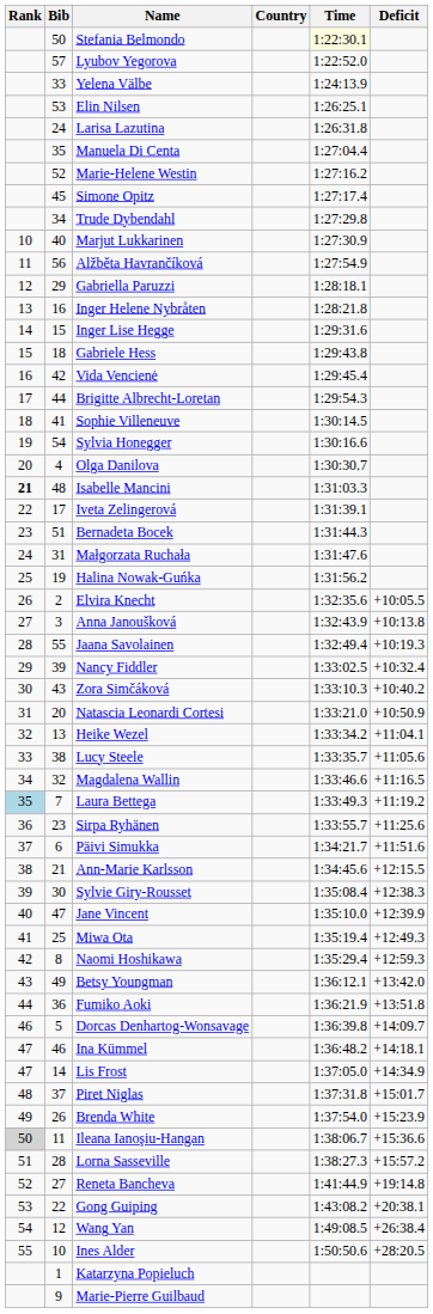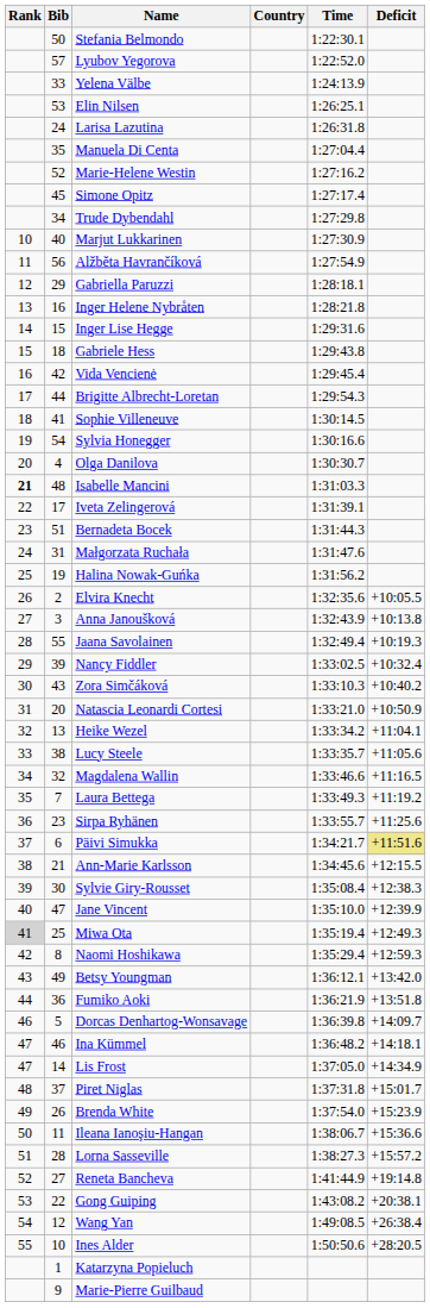 <table class="wikitable sortable" style="text-align:center">
 <tr>
 <th>Rank</th>
 <th>Bib</th>
 <th>Name</th>
 <th>Country</th>
 <th>Time</th>
 <th>Deficit</th>
 </tr>
 <tr>
 <td></td>
 <td>50</td>
 <td align="left"><a href='#'>Stefania Belmondo</a></td>
 <td align="left"></td>
-<td style="background: lightyellow;">1:22:30.1</td>
+<td>1:22:30.1</td>
 <td></td>
 </tr>
 <tr>
 <td></td>
 <td>57</td>
 <td align="left"><a href='#'>Lyubov Yegorova</a></td>
 <td align="left"></td>
 <td>1:22:52.0</td>
 <td align=right></td>
 </tr>
 <tr>
 <td></td>
 <td>33</td>
 <td align="left"><a href='#'>Yelena Välbe</a></td>
 <td align="left"></td>
 <td>1:24:13.9</td>
 <td align=right></td>
 </tr>
 <tr>
 <td></td>
 <td>53</td>
 <td align="left"><a href='#'>Elin Nilsen</a></td>
 <td align="left"></td>
 <td>1:26:25.1</td>
 <td align=right></td>
 </tr>
 <tr>
 <td></td>
 <td>24</td>
 <td align="left"><a href='#'>Larisa Lazutina</a></td>
 <td align="left"></td>
 <td>1:26:31.8</td>
 <td align=right></td>
 </tr>
 <tr>
 <td></td>
 <td>35</td>
 <td align="left"><a href='#'>Manuela Di Centa</a></td>
 <td align="left"></td>
 <td>1:27:04.4</td>
 <td align=right></td>
 </tr>
 <tr>
 <td></td>
 <td>52</td>
 <td align="left"><a href='#'>Marie-Helene Westin</a></td>
 <td align="left"></td>
 <td>1:27:16.2</td>
 <td align=right></td>
 </tr>
 <tr>
 <td></td>
 <td>45</td>
 <td align="left"><a href='#'>Simone Opitz</a></td>
 <td align="left"></td>
 <td>1:27:17.4</td>
 <td align=right></td>
 </tr>
 <tr>
 <td></td>
 <td>34</td>
 <td align="left"><a href='#'>Trude Dybendahl</a></td>
 <td align="left"></td>
 <td>1:27:29.8</td>
 <td align=right></td>
 </tr>
 <tr>
 <td>10</td>
 <td>40</td>
 <td align="left"><a href='#'>Marjut Lukkarinen</a></td>
 <td align="left"></td>
 <td>1:27:30.9</td>
 <td align=right></td>
 </tr>
 <tr>
 <td>11</td>
 <td>56</td>
 <td align="left"><a href='#'>Alžběta Havrančíková</a></td>
 <td align="left"></td>
 <td>1:27:54.9</td>
 <td align=right></td>
 </tr>
 <tr>
 <td>12</td>
 <td>29</td>
 <td align="left"><a href='#'>Gabriella Paruzzi</a></td>
 <td align="left"></td>
 <td>1:28:18.1</td>
 <td align=right></td>
 </tr>
 <tr>
 <td>13</td>
 <td>16</td>
 <td align="left"><a href='#'>Inger Helene Nybråten</a></td>
 <td align="left"></td>
 <td>1:28:21.8</td>
 <td align=right></td>
 </tr>
 <tr>
 <td>14</td>
 <td>15</td>
 <td align="left"><a href='#'>Inger Lise Hegge</a></td>
 <td align="left"></td>
 <td>1:29:31.6</td>
 <td align=right></td>
 </tr>
 <tr>
 <td>15</td>
 <td>18</td>
 <td align="left"><a href='#'>Gabriele Hess</a></td>
 <td align="left"></td>
 <td>1:29:43.8</td>
 <td align=right></td>
 </tr>
 <tr>
 <td>16</td>
 <td>42</td>
 <td align="left"><a href='#'>Vida Vencienė</a></td>
 <td align="left"></td>
 <td>1:29:45.4</td>
 <td align=right></td>
 </tr>
 <tr>
 <td>17</td>
 <td>44</td>
 <td align="left"><a href='#'>Brigitte Albrecht-Loretan</a></td>
 <td align="left"></td>
 <td>1:29:54.3</td>
 <td align=right></td>
 </tr>
 <tr>
 <td>18</td>
 <td>41</td>
 <td align="left"><a href='#'>Sophie Villeneuve</a></td>
 <td align="left"></td>
 <td>1:30:14.5</td>
 <td align=right></td>
 </tr>
 <tr>
 <td>19</td>
 <td>54</td>
 <td align="left"><a href='#'>Sylvia Honegger</a></td>
 <td align="left"></td>
 <td>1:30:16.6</td>
 <td align=right></td>
 </tr>
 <tr>
 <td>20</td>
 <td>4</td>
 <td align="left"><a href='#'>Olga Danilova</a></td>
 <td align="left"></td>
 <td>1:30:30.7</td>
 <td align=right></td>
 </tr>
 <tr>
 <td><strong>21</strong></td>
 <td>48</td>
 <td align="left"><a href='#'>Isabelle Mancini</a></td>
 <td align="left"></td>
 <td>1:31:03.3</td>
 <td align=right></td>
 </tr>
 <tr>
 <td>22</td>
 <td>17</td>
 <td align="left"><a href='#'>Iveta Zelingerová</a></td>
 <td align="left"></td>
 <td>1:31:39.1</td>
 <td align=right></td>
 </tr>
 <tr>
 <td>23</td>
 <td>51</td>
 <td align="left"><a href='#'>Bernadeta Bocek</a></td>
 <td align="left"></td>
 <td>1:31:44.3</td>
 <td align=right></td>
 </tr>
 <tr>
 <td>24</td>
 <td>31</td>
 <td align="left"><a href='#'>Małgorzata Ruchała</a></td>
 <td align="left"></td>
 <td>1:31:47.6</td>
 <td align=right></td>
 </tr>
 <tr>
 <td>25</td>
 <td>19</td>
 <td align="left"><a href='#'>Halina Nowak-Guńka</a></td>
 <td align="left"></td>
 <td>1:31:56.2</td>
 <td align=right></td>
 </tr>
 <tr>
 <td>26</td>
 <td>2</td>
 <td align="left"><a href='#'>Elvira Knecht</a></td>
 <td align="left"></td>
 <td>1:32:35.6</td>
 <td align=right>+10:05.5</td>
 </tr>
 <tr>
 <td>27</td>
 <td>3</td>
 <td align="left"><a href='#'>Anna Janoušková</a></td>
 <td align="left"></td>
 <td>1:32:43.9</td>
 <td align=right>+10:13.8</td>
 </tr>
 <tr>
 <td>28</td>
 <td>55</td>
 <td align="left"><a href='#'>Jaana Savolainen</a></td>
 <td align="left"></td>
 <td>1:32:49.4</td>
 <td align=right>+10:19.3</td>
 </tr>
 <tr>
 <td>29</td>
 <td>39</td>
 <td align="left"><a href='#'>Nancy Fiddler</a></td>
 <td align="left"></td>
 <td>1:33:02.5</td>
 <td align=right>+10:32.4</td>
 </tr>
 <tr>
 <td>30</td>
 <td>43</td>
 <td align="left"><a href='#'>Zora Simčáková</a></td>
 <td align="left"></td>
 <td>1:33:10.3</td>
 <td align=right>+10:40.2</td>
 </tr>
 <tr>
 <td>31</td>
 <td>20</td>
 <td align="left"><a href='#'>Natascia Leonardi Cortesi</a></td>
 <td align="left"></td>
 <td>1:33:21.0</td>
 <td align=right>+10:50.9</td>
 </tr>
 <tr>
 <td>32</td>
 <td>13</td>
 <td align="left"><a href='#'>Heike Wezel</a></td>
 <td align="left"></td>
 <td>1:33:34.2</td>
 <td align=right>+11:04.1</td>
 </tr>
 <tr>
 <td>33</td>
 <td>38</td>
 <td align="left"><a href='#'>Lucy Steele</a></td>
 <td align="left"></td>
 <td>1:33:35.7</td>
 <td align=right>+11:05.6</td>
 </tr>
 <tr>
 <td>34</td>
 <td>32</td>
 <td align="left"><a href='#'>Magdalena Wallin</a></td>
 <td align="left"></td>
 <td>1:33:46.6</td>
 <td align=right>+11:16.5</td>
 </tr>
 <tr>
-<td style="background: lightblue;">35</td>
+<td>35</td>
 <td>7</td>
 <td align="left"><a href='#'>Laura Bettega</a></td>
 <td align="left"></td>
 <td>1:33:49.3</td>
 <td align=right>+11:19.2</td>
 </tr>
 <tr>
 <td>36</td>
 <td>23</td>
 <td align="left"><a href='#'>Sirpa Ryhänen</a></td>
 <td align="left"></td>
 <td>1:33:55.7</td>
 <td align=right>+11:25.6</td>
 </tr>
 <tr>
 <td>37</td>
 <td>6</td>
 <td align="left"><a href='#'>Päivi Simukka</a></td>
 <td align="left"></td>
 <td>1:34:21.7</td>
-<td align=right>+11:51.6</td>
+<td align=right style="background: khaki;">+11:51.6</td>
 </tr>
 <tr>
 <td>38</td>
 <td>21</td>
 <td align="left"><a href='#'>Ann-Marie Karlsson</a></td>
 <td align="left"></td>
 <td>1:34:45.6</td>
 <td align=right>+12:15.5</td>
 </tr>
 <tr>
 <td>39</td>
 <td>30</td>
 <td align="left"><a href='#'>Sylvie Giry-Rousset</a></td>
 <td align="left"></td>
 <td>1:35:08.4</td>
 <td align=right>+12:38.3</td>
 </tr>
 <tr>
 <td>40</td>
 <td>47</td>
 <td align="left"><a href='#'>Jane Vincent</a></td>
 <td align="left"></td>
 <td>1:35:10.0</td>
 <td align=right>+12:39.9</td>
 </tr>
 <tr>
-<td>41</td>
+<td style="background: lightgrey;">41</td>
 <td>25</td>
 <td align="left"><a href='#'>Miwa Ota</a></td>
 <td align="left"></td>
 <td>1:35:19.4</td>
 <td align=right>+12:49.3</td>
 </tr>
 <tr>
 <td>42</td>
 <td>8</td>
 <td align="left"><a href='#'>Naomi Hoshikawa</a></td>
 <td align="left"></td>
 <td>1:35:29.4</td>
 <td align=right>+12:59.3</td>
 </tr>
 <tr>
 <td>43</td>
 <td>49</td>
 <td align="left"><a href='#'>Betsy Youngman</a></td>
 <td align="left"></td>
 <td>1:36:12.1</td>
 <td align=right>+13:42.0</td>
 </tr>
 <tr>
 <td>44</td>
 <td>36</td>
 <td align="left"><a href='#'>Fumiko Aoki</a></td>
 <td align="left"></td>
 <td>1:36:21.9</td>
 <td align=right>+13:51.8</td>
 </tr>
 <tr>
 <td>46</td>
 <td>5</td>
 <td align="left"><a href='#'>Dorcas Denhartog-Wonsavage</a></td>
 <td align="left"></td>
 <td>1:36:39.8</td>
 <td align=right>+14:09.7</td>
 </tr>
 <tr>
 <td>47</td>
 <td>46</td>
 <td align="left"><a href='#'>Ina Kümmel</a></td>
 <td align="left"></td>
 <td>1:36:48.2</td>
 <td align=right>+14:18.1</td>
 </tr>
 <tr>
 <td>47</td>
 <td>14</td>
 <td align="left"><a href='#'>Lis Frost</a></td>
 <td align="left"></td>
 <td>1:37:05.0</td>
 <td align=right>+14:34.9</td>
 </tr>
 <tr>
 <td>48</td>
 <td>37</td>
 <td align="left"><a href='#'>Piret Niglas</a></td>
 <td align="left"></td>
 <td>1:37:31.8</td>
 <td align=right>+15:01.7</td>
 </tr>
 <tr>
 <td>49</td>
 <td>26</td>
 <td align="left"><a href='#'>Brenda White</a></td>
 <td align="left"></td>
 <td>1:37:54.0</td>
 <td align=right>+15:23.9</td>
 </tr>
 <tr>
-<td style="background: lightgrey;">50</td>
+<td>50</td>
 <td>11</td>
 <td align="left"><a href='#'>Ileana Ianoşiu-Hangan</a></td>
 <td align="left"></td>
 <td>1:38:06.7</td>
 <td align=right>+15:36.6</td>
 </tr>
 <tr>
 <td>51</td>
 <td>28</td>
 <td align="left"><a href='#'>Lorna Sasseville</a></td>
 <td align="left"></td>
 <td>1:38:27.3</td>
 <td align=right>+15:57.2</td>
 </tr>
 <tr>
 <td>52</td>
 <td>27</td>
 <td align="left"><a href='#'>Reneta Bancheva</a></td>
 <td align="left"></td>
 <td>1:41:44.9</td>
 <td align=right>+19:14.8</td>
 </tr>
 <tr>
 <td>53</td>
 <td>22</td>
 <td align="left"><a href='#'>Gong Guiping</a></td>
 <td align="left"></td>
 <td>1:43:08.2</td>
 <td align=right>+20:38.1</td>
 </tr>
 <tr>
 <td>54</td>
 <td>12</td>
 <td align="left"><a href='#'>Wang Yan</a></td>
 <td align="left"></td>
 <td>1:49:08.5</td>
 <td align=right>+26:38.4</td>
 </tr>
 <tr>
 <td>55</td>
 <td>10</td>
 <td align="left"><a href='#'>Ines Alder</a></td>
 <td align="left"></td>
 <td>1:50:50.6</td>
 <td align=right>+28:20.5</td>
 </tr>
 <tr>
 <td></td>
 <td>1</td>
 <td align="left"><a href='#'>Katarzyna Popieluch</a></td>
 <td align="left"></td>
 <td></td>
 <td></td>
 </tr>
 <tr>
 <td></td>
 <td>9</td>
 <td align="left"><a href='#'>Marie-Pierre Guilbaud</a></td>
 <td align="left"></td>
 <td></td>
 <td></td>
 </tr>
 </table>
